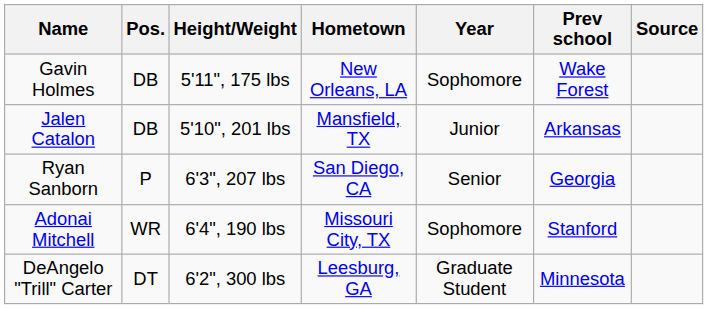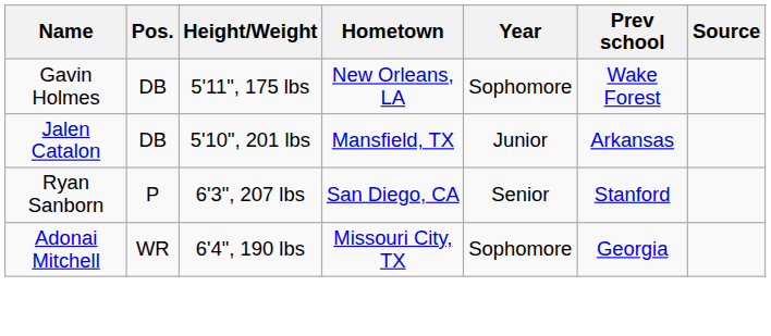 <table class="wikitable sortable">
 <tr>
 <th style="text-align:center; ">Name</th>
 <th style="text-align:center; ">Pos.</th>
 <th style="text-align:center; ">Height/Weight</th>
 <th style="text-align:center; ">Hometown</th>
 <th style="text-align:center; ">Year</th>
 <th style="text-align:center; ">Prev school</th>
 <th style="text-align:center; ">Source</th>
 </tr>
 <tr align="center">
 <td>Gavin Holmes</td>
 <td>DB</td>
 <td>5'11", 175 lbs</td>
 <td><a href='#'>New Orleans, LA</a></td>
 <td>Sophomore</td>
 <td><a href='#'>Wake Forest</a></td>
 <td></td>
 </tr>
 <tr align="center">
 <td><a href='#'>Jalen Catalon</a></td>
 <td>DB</td>
 <td>5'10", 201 lbs</td>
 <td><a href='#'>Mansfield, TX</a></td>
 <td> Junior</td>
 <td><a href='#'>Arkansas</a></td>
 <td></td>
 </tr>
 <tr align="center">
 <td>Ryan Sanborn</td>
 <td>P</td>
 <td>6'3", 207 lbs</td>
 <td><a href='#'>San Diego, CA</a></td>
 <td>Senior</td>
-<td><a href='#'>Georgia</a></td>
+<td><a href='#'>Stanford</a></td>
 <td></td>
 </tr>
 <tr align="center">
 <td><a href='#'>Adonai Mitchell</a></td>
 <td>WR</td>
 <td>6'4", 190 lbs</td>
 <td><a href='#'>Missouri City, TX</a></td>
 <td>Sophomore</td>
-<td><a href='#'>Stanford</a></td>
-<td></td>
-</tr>
-<tr align="center">
-<td>DeAngelo "Trill" Carter</td>
-<td>DT</td>
-<td>6'2", 300 lbs</td>
-<td><a href='#'>Leesburg, GA</a></td>
-<td>Graduate Student</td>
-<td><a href='#'>Minnesota</a></td>
+<td><a href='#'>Georgia</a></td>
 <td></td>
 </tr>
 </table>
